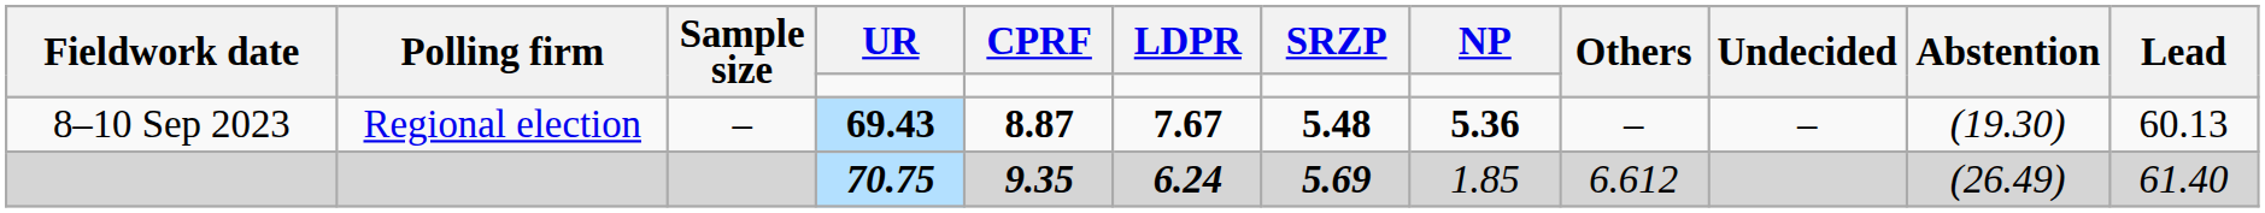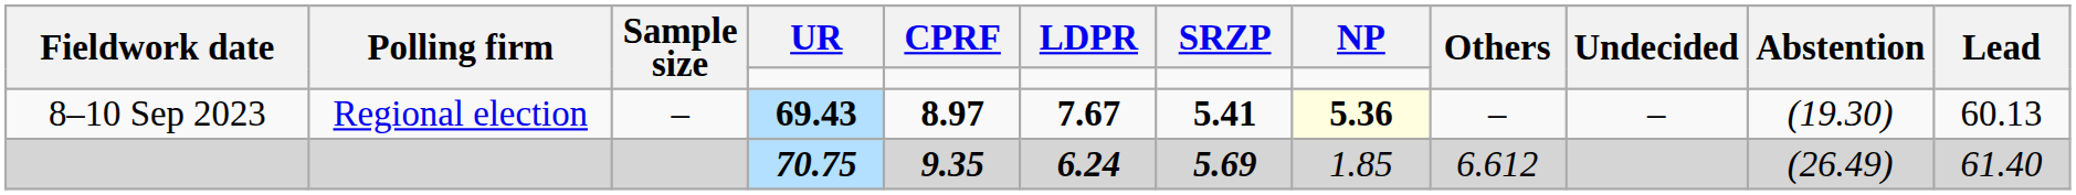 <table class=wikitable style="font-size:95%; line-height:14px; text-align:center">
 <tr>
 <th style=width:120px; rowspan=2>Fieldwork date</th>
 <th style=width:120px; rowspan=2>Polling firm</th>
 <th style=width:50px; rowspan=2>Sample<br>size</th>
 <th style="width:50px;"><a href='#'>UR</a></th>
 <th style="width:50px;"><a href='#'>CPRF</a></th>
 <th style="width:50px;"><a href='#'>LDPR</a></th>
 <th style="width:50px;"><a href='#'>SRZP</a></th>
 <th style="width:50px;"><a href='#'>NP</a></th>
 <th style="width:50px;" rowspan=2>Others</th>
 <th style="width:50px;" rowspan=2>Undecided</th>
 <th style="width:50px;" rowspan=2>Abstention</th>
 <th style="width:50px;" rowspan="2">Lead</th>
 </tr>
 <tr>
 <td bgcolor=></td>
 <td bgcolor=></td>
 <td bgcolor=></td>
 <td bgcolor=></td>
 <td bgcolor=></td>
 </tr>
 <tr>
 <td>8–10 Sep 2023</td>
 <td><a href='#'>Regional election</a></td>
 <td>–</td>
 <td style="background:#B3E0FF"><strong>69.43</strong></td>
-<td><strong>8.87</strong></td>
+<td><strong>8.97</strong></td>
 <td><strong>7.67</strong></td>
-<td><strong>5.48</strong></td>
-<td><strong>5.36</strong></td>
+<td><strong>5.41</strong></td>
+<td style="background: lightyellow;"><strong>5.36</strong></td>
 <td>–</td>
 <td>–</td>
 <td><em>(19.30)</em></td>
 <td style="background:">60.13</td>
 </tr>
 <tr style="background:#D5D5D5">
 <td></td>
 <td></td>
 <td></td>
 <td style="background:#B3E0FF"><strong><em>70.75</em></strong></td>
 <td><strong><em>9.35</em></strong></td>
 <td><strong><em>6.24</em></strong></td>
 <td><strong><em>5.69</em></strong></td>
 <td><em>1.85</em></td>
 <td><em>6.612</em></td>
 <td></td>
 <td><em>(26.49)</em></td>
 <td style="background:"><em>61.40</em></td>
 </tr>
 </table>
